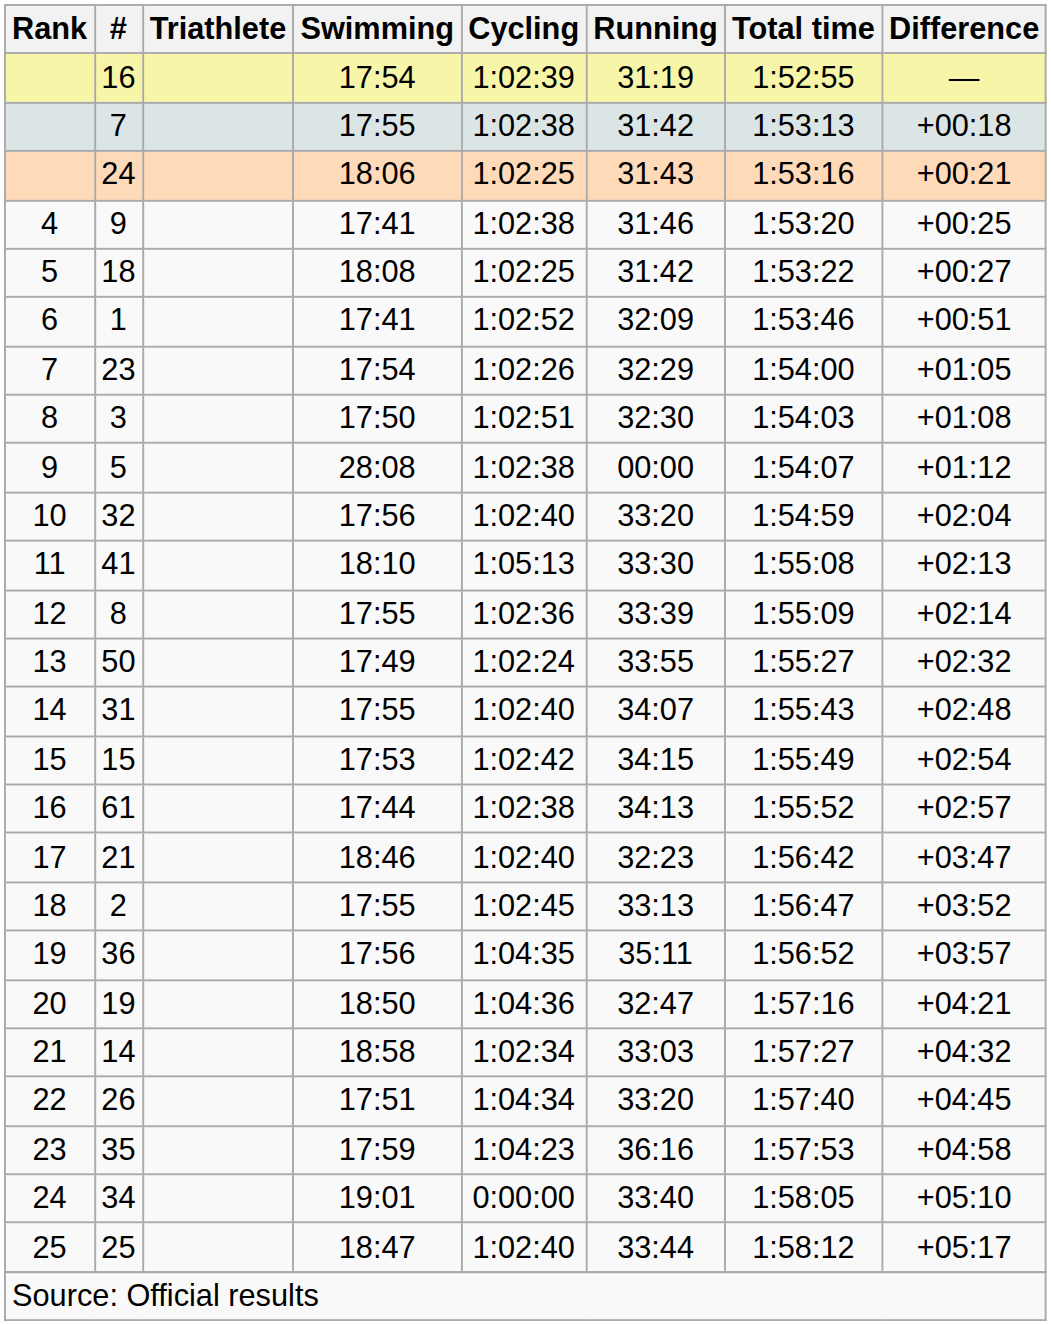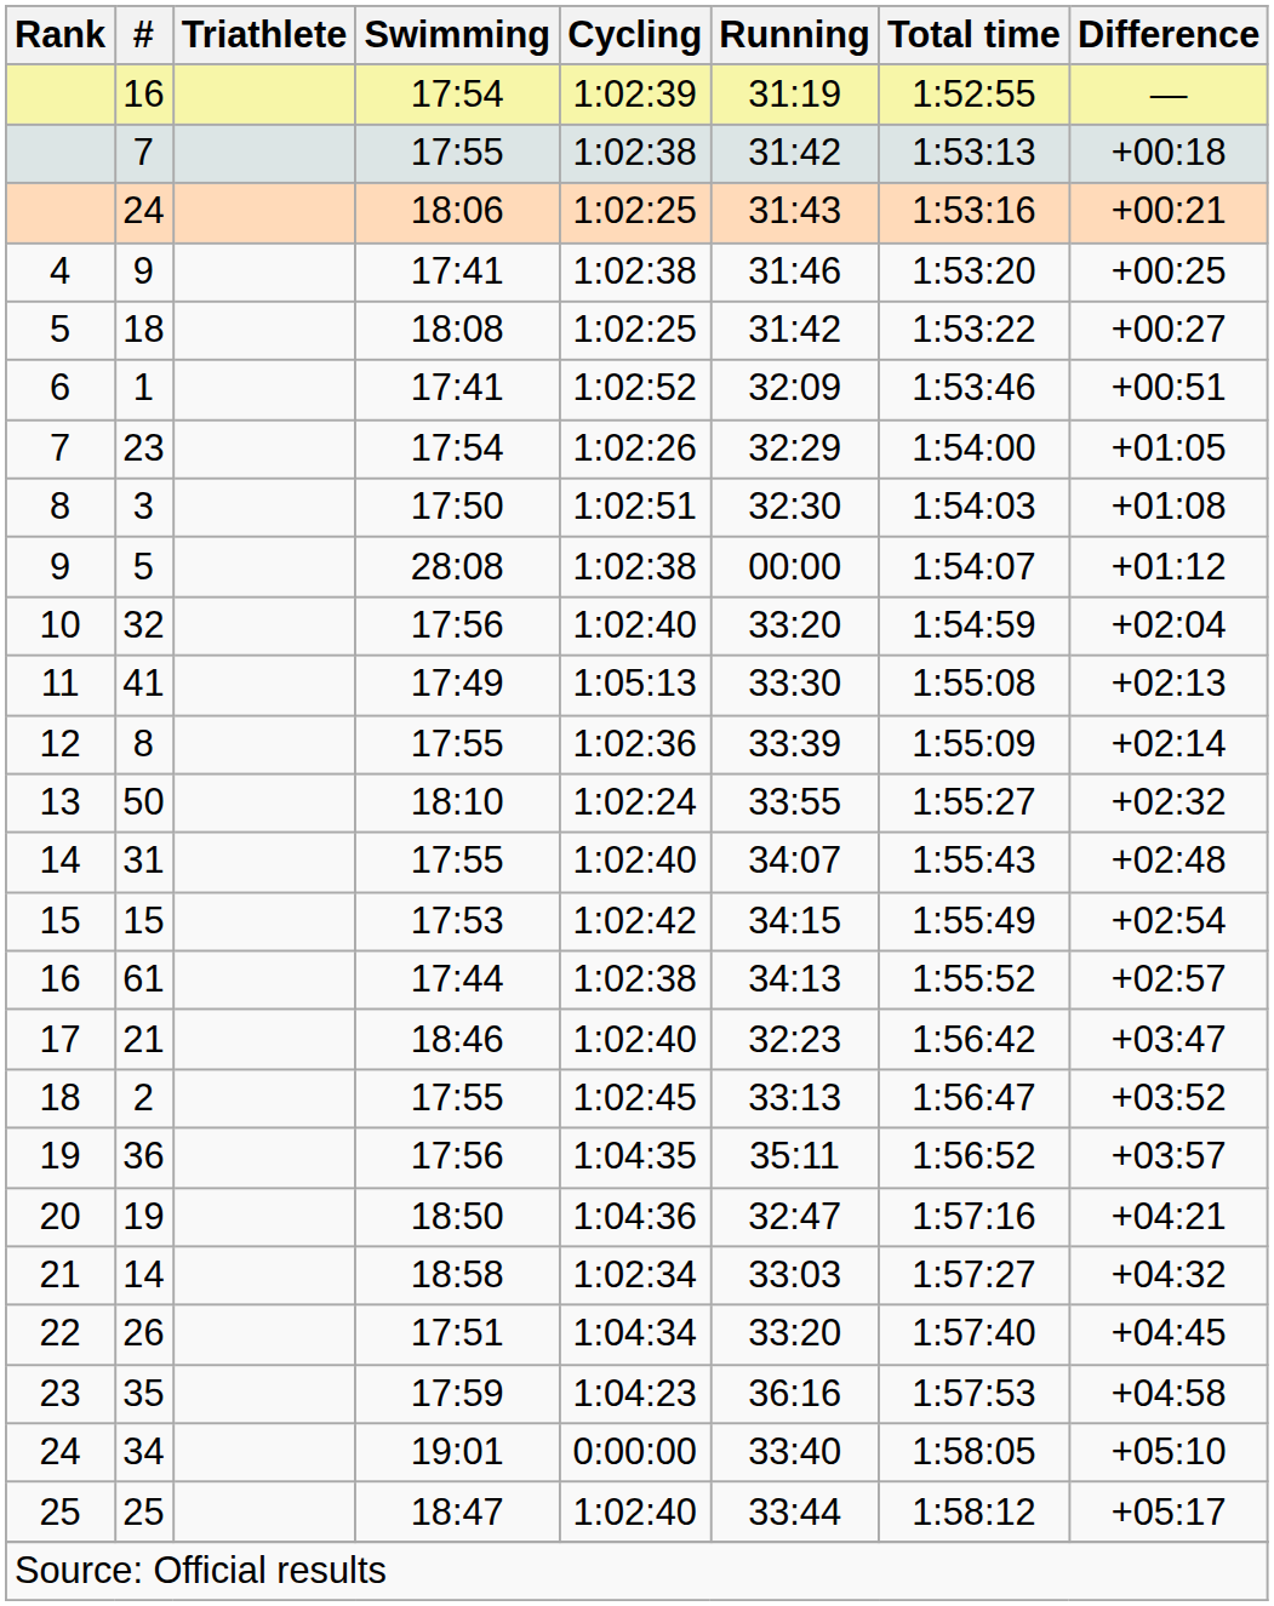 <table class="wikitable sortable" style="text-align:center">
 <tr>
 <th data-sort-type="number">Rank</th>
 <th>#</th>
 <th>Triathlete</th>
 <th>Swimming</th>
 <th>Cycling</th>
 <th>Running</th>
 <th>Total time</th>
 <th>Difference</th>
 </tr>
 <tr style="background:#F7F6A8;”">
 <td></td>
 <td>16</td>
 <td align=left></td>
 <td>17:54</td>
 <td>1:02:39</td>
 <td>31:19</td>
 <td>1:52:55</td>
 <td>—</td>
 </tr>
 <tr style="background:#DCE5E5;”">
 <td></td>
 <td>7</td>
 <td align=left></td>
 <td>17:55</td>
 <td>1:02:38</td>
 <td>31:42</td>
 <td>1:53:13</td>
 <td>+00:18</td>
 </tr>
 <tr style="background:#FFDAB9;">
 <td></td>
 <td>24</td>
 <td align=left></td>
 <td>18:06</td>
 <td>1:02:25</td>
 <td>31:43</td>
 <td>1:53:16</td>
 <td>+00:21</td>
 </tr>
 <tr>
 <td>4</td>
 <td>9</td>
 <td align=left></td>
 <td>17:41</td>
 <td>1:02:38</td>
 <td>31:46</td>
 <td>1:53:20</td>
 <td>+00:25</td>
 </tr>
 <tr>
 <td>5</td>
 <td>18</td>
 <td align=left></td>
 <td>18:08</td>
 <td>1:02:25</td>
 <td>31:42</td>
 <td>1:53:22</td>
 <td>+00:27</td>
 </tr>
 <tr>
 <td>6</td>
 <td>1</td>
 <td align=left></td>
 <td>17:41</td>
 <td>1:02:52</td>
 <td>32:09</td>
 <td>1:53:46</td>
 <td>+00:51</td>
 </tr>
 <tr>
 <td>7</td>
 <td>23</td>
 <td align=left></td>
 <td>17:54</td>
 <td>1:02:26</td>
 <td>32:29</td>
 <td>1:54:00</td>
 <td>+01:05</td>
 </tr>
 <tr>
 <td>8</td>
 <td>3</td>
 <td align=left></td>
 <td>17:50</td>
 <td>1:02:51</td>
 <td>32:30</td>
 <td>1:54:03</td>
 <td>+01:08</td>
 </tr>
 <tr>
 <td>9</td>
 <td>5</td>
 <td align=left></td>
 <td>28:08</td>
 <td>1:02:38</td>
 <td>00:00</td>
 <td>1:54:07</td>
 <td>+01:12</td>
 </tr>
 <tr>
 <td>10</td>
 <td>32</td>
 <td align=left></td>
 <td>17:56</td>
 <td>1:02:40</td>
 <td>33:20</td>
 <td>1:54:59</td>
 <td>+02:04</td>
 </tr>
 <tr>
 <td>11</td>
 <td>41</td>
 <td align=left></td>
-<td>18:10</td>
+<td>17:49</td>
 <td>1:05:13</td>
 <td>33:30</td>
 <td>1:55:08</td>
 <td>+02:13</td>
 </tr>
 <tr>
 <td>12</td>
 <td>8</td>
 <td align=left></td>
 <td>17:55</td>
 <td>1:02:36</td>
 <td>33:39</td>
 <td>1:55:09</td>
 <td>+02:14</td>
 </tr>
 <tr>
 <td>13</td>
 <td>50</td>
 <td align=left></td>
-<td>17:49</td>
+<td>18:10</td>
 <td>1:02:24</td>
 <td>33:55</td>
 <td>1:55:27</td>
 <td>+02:32</td>
 </tr>
 <tr>
 <td>14</td>
 <td>31</td>
 <td align=left></td>
 <td>17:55</td>
 <td>1:02:40</td>
 <td>34:07</td>
 <td>1:55:43</td>
 <td>+02:48</td>
 </tr>
 <tr>
 <td>15</td>
 <td>15</td>
 <td align=left></td>
 <td>17:53</td>
 <td>1:02:42</td>
 <td>34:15</td>
 <td>1:55:49</td>
 <td>+02:54</td>
 </tr>
 <tr>
 <td>16</td>
 <td>61</td>
 <td align=left></td>
 <td>17:44</td>
 <td>1:02:38</td>
 <td>34:13</td>
 <td>1:55:52</td>
 <td>+02:57</td>
 </tr>
 <tr>
 <td>17</td>
 <td>21</td>
 <td align=left></td>
 <td>18:46</td>
 <td>1:02:40</td>
 <td>32:23</td>
 <td>1:56:42</td>
 <td>+03:47</td>
 </tr>
 <tr>
 <td>18</td>
 <td>2</td>
 <td align=left></td>
 <td>17:55</td>
 <td>1:02:45</td>
 <td>33:13</td>
 <td>1:56:47</td>
 <td>+03:52</td>
 </tr>
 <tr>
 <td>19</td>
 <td>36</td>
 <td align=left></td>
 <td>17:56</td>
 <td>1:04:35</td>
 <td>35:11</td>
 <td>1:56:52</td>
 <td>+03:57</td>
 </tr>
 <tr>
 <td>20</td>
 <td>19</td>
 <td align=left></td>
 <td>18:50</td>
 <td>1:04:36</td>
 <td>32:47</td>
 <td>1:57:16</td>
 <td>+04:21</td>
 </tr>
 <tr>
 <td>21</td>
 <td>14</td>
 <td align=left></td>
 <td>18:58</td>
 <td>1:02:34</td>
 <td>33:03</td>
 <td>1:57:27</td>
 <td>+04:32</td>
 </tr>
 <tr>
 <td>22</td>
 <td>26</td>
 <td align=left></td>
 <td>17:51</td>
 <td>1:04:34</td>
 <td>33:20</td>
 <td>1:57:40</td>
 <td>+04:45</td>
 </tr>
 <tr>
 <td>23</td>
 <td>35</td>
 <td align=left></td>
 <td>17:59</td>
 <td>1:04:23</td>
 <td>36:16</td>
 <td>1:57:53</td>
 <td>+04:58</td>
 </tr>
 <tr>
 <td>24</td>
 <td>34</td>
 <td align=left></td>
 <td>19:01</td>
 <td>0:00:00</td>
 <td>33:40</td>
 <td>1:58:05</td>
 <td>+05:10</td>
 </tr>
 <tr>
 <td>25</td>
 <td>25</td>
 <td align=left></td>
 <td>18:47</td>
 <td>1:02:40</td>
 <td>33:44</td>
 <td>1:58:12</td>
 <td>+05:17</td>
 </tr>
 <tr>
 </tr>
 <tr class="sortbottom">
 <td colspan="9" style="text-align:left;">Source: Official results</td>
 </tr>
 </table>
